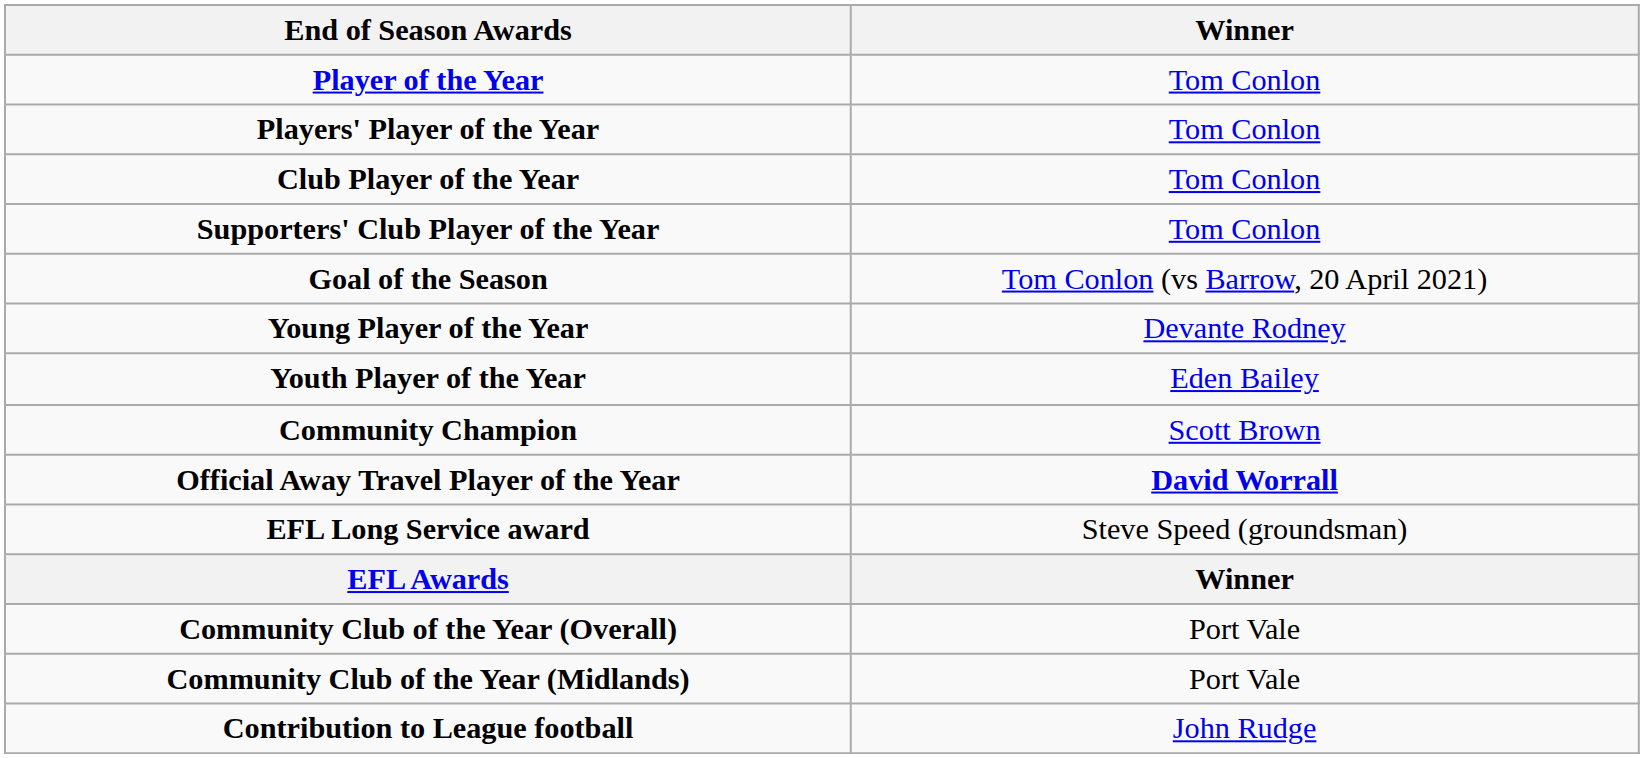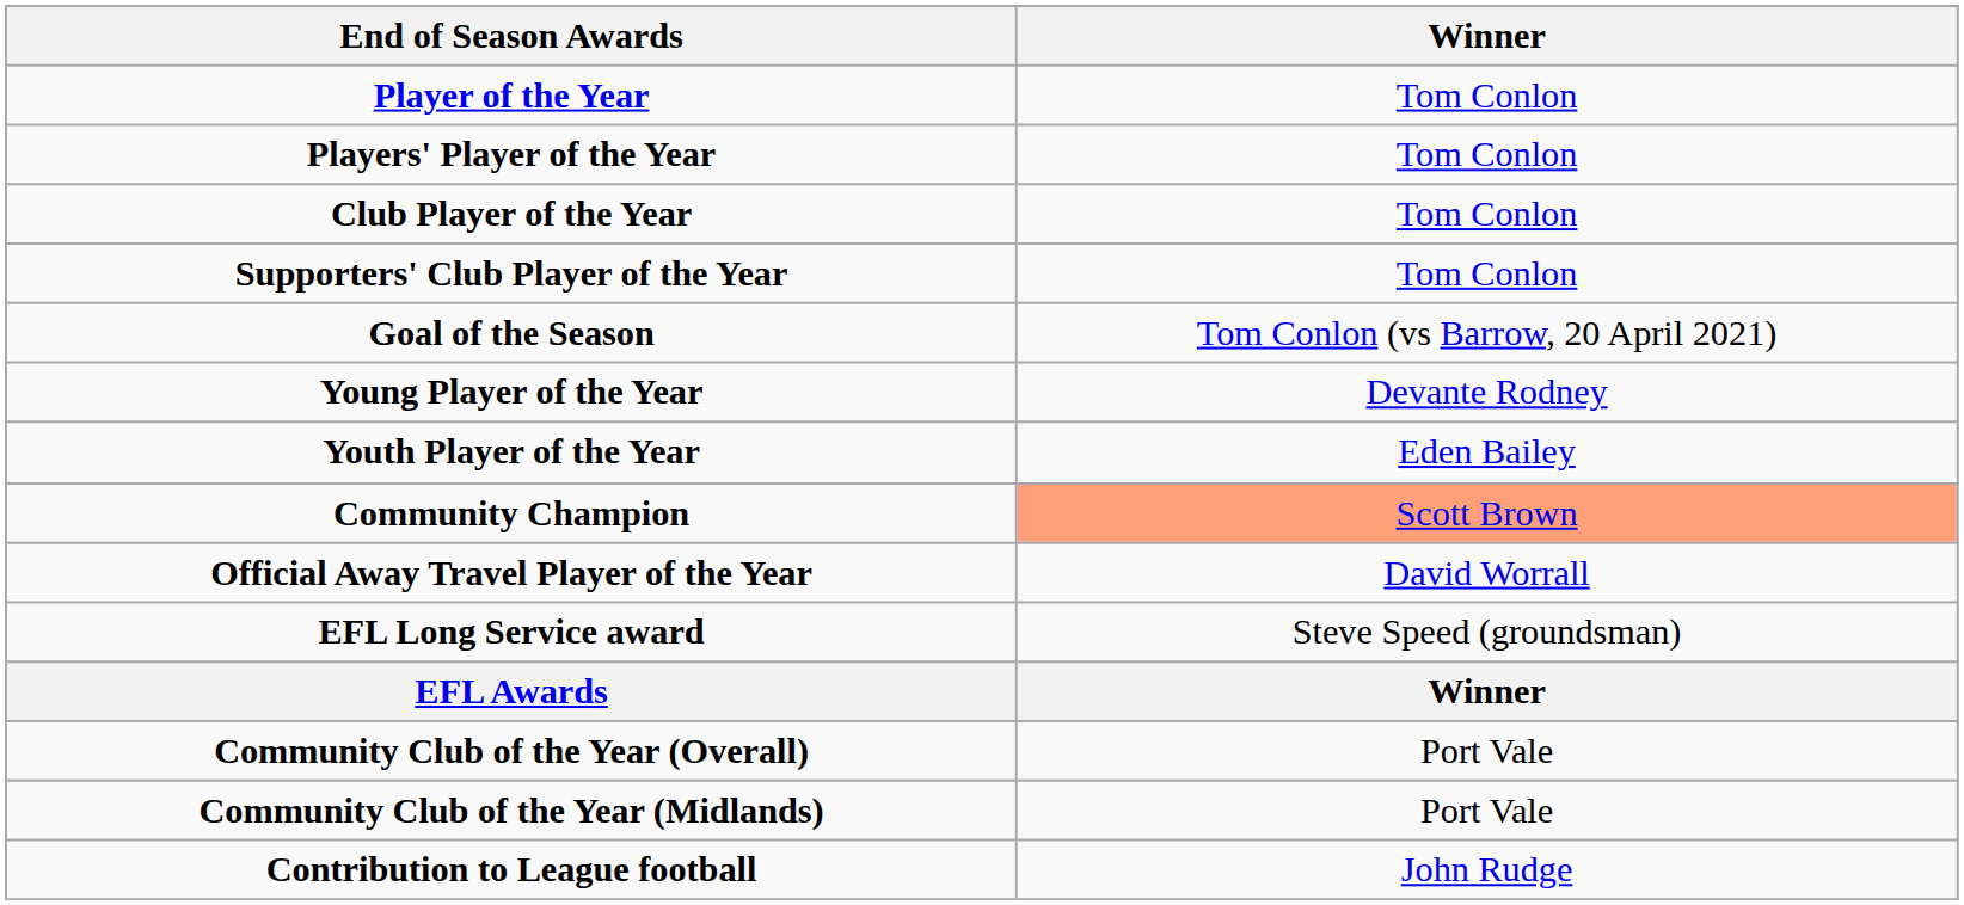 <table class="wikitable" style="text-align:center; font-size:95%;width:65%; text-align:left">
 <tr>
 <th>End of Season Awards</th>
 <th>Winner</th>
 </tr>
 <tr --->
 <td align="center"><strong><a href='#'>Player of the Year</a></strong></td>
 <td align="center"><a href='#'>Tom Conlon</a></td>
 </tr>
 <tr --->
 <td align="center"><strong>Players' Player of the Year</strong></td>
 <td align="center"><a href='#'>Tom Conlon</a></td>
 </tr>
 <tr --->
 <td align="center"><strong>Club Player of the Year</strong></td>
 <td align="center"><a href='#'>Tom Conlon</a></td>
 </tr>
 <tr --->
 <td align="center"><strong>Supporters' Club Player of the Year</strong></td>
 <td align="center"><a href='#'>Tom Conlon</a></td>
 </tr>
 <tr --->
 <td align="center"><strong>Goal of the Season</strong></td>
 <td align="center"><a href='#'>Tom Conlon</a> (vs <a href='#'>Barrow</a>, 20 April 2021)</td>
 </tr>
 <tr --->
 <td align="center"><strong>Young Player of the Year</strong></td>
 <td align="center"><a href='#'>Devante Rodney</a></td>
 </tr>
 <tr --->
 <td align="center"><strong>Youth Player of the Year</strong></td>
 <td align="center"><a href='#'>Eden Bailey</a></td>
 </tr>
 <tr --->
 <td align="center"><strong>Community Champion </strong></td>
-<td align="center"><a href='#'>Scott Brown</a></td>
+<td align="center" style="background: lightsalmon;"><a href='#'>Scott Brown</a></td>
 </tr>
 <tr --->
 <td align="center"><strong>Official Away Travel Player of the Year</strong></td>
-<td align="center"><strong><a href='#'>David Worrall</a></strong></td>
+<td align="center"><a href='#'>David Worrall</a></td>
 </tr>
 <tr --->
 <td align="center"><strong>EFL Long Service award</strong></td>
 <td align="center">Steve Speed (groundsman)</td>
 </tr>
 <tr>
 <th><a href='#'>EFL Awards</a></th>
 <th>Winner</th>
 </tr>
 <tr --->
 <td align="center"><strong>Community Club of the Year (Overall)</strong></td>
 <td align="center">Port Vale</td>
 </tr>
 <tr --->
 <td align="center"><strong>Community Club of the Year (Midlands)</strong></td>
 <td align="center">Port Vale</td>
 </tr>
 <tr --->
 <td align="center"><strong>Contribution to League football </strong></td>
 <td align="center"><a href='#'>John Rudge</a></td>
 </tr>
 </table>
